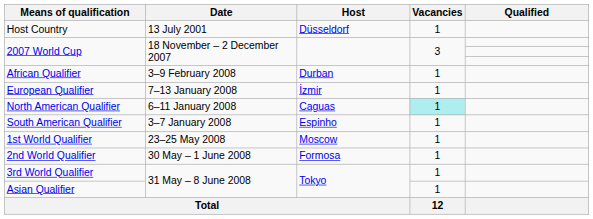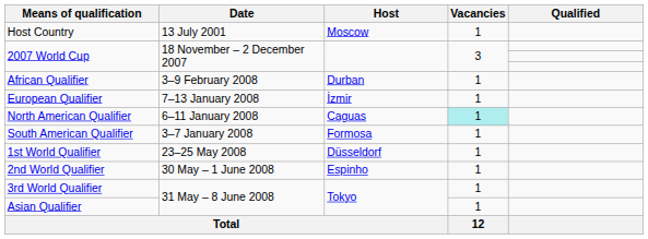 <table class="wikitable" width=900>
 <tr>
 <th width=25%>Means of qualification</th>
 <th width=27%>Date</th>
 <th width=20%>Host</th>
 <th width=6%>Vacancies</th>
 <th width=22%>Qualified</th>
 </tr>
 <tr>
 <td>Host Country</td>
 <td>13 July 2001</td>
-<td> <a href='#'>Düsseldorf</a></td>
+<td> <a href='#'>Moscow</a></td>
 <td align="center">1</td>
 <td></td>
 </tr>
 <tr>
 <td rowspan="3"><a href='#'>2007 World Cup</a></td>
 <td rowspan="3">18 November – 2 December 2007</td>
 <td rowspan="3"></td>
 <td rowspan="3" align="center">3</td>
 <td></td>
 </tr>
 <tr>
 <td></td>
 </tr>
 <tr>
 <td></td>
 </tr>
 <tr>
 <td><a href='#'>African Qualifier</a></td>
 <td>3–9 February 2008</td>
 <td> <a href='#'>Durban</a></td>
 <td align="center">1</td>
 <td></td>
 </tr>
 <tr>
 <td><a href='#'>European Qualifier</a></td>
 <td>7–13 January 2008</td>
 <td> <a href='#'>İzmir</a></td>
 <td align="center">1</td>
 <td></td>
 </tr>
 <tr>
 <td><a href='#'>North American Qualifier</a></td>
 <td>6–11 January 2008</td>
 <td> <a href='#'>Caguas</a></td>
 <td align="center" style="background: paleturquoise;">1</td>
 <td></td>
 </tr>
 <tr>
 <td><a href='#'>South American Qualifier</a></td>
 <td>3–7 January 2008</td>
-<td> <a href='#'>Espinho</a></td>
+<td> <a href='#'>Formosa</a></td>
 <td align="center">1</td>
 <td></td>
 </tr>
 <tr>
 <td><a href='#'>1st World Qualifier</a></td>
 <td>23–25 May 2008</td>
-<td> <a href='#'>Moscow</a></td>
+<td> <a href='#'>Düsseldorf</a></td>
 <td align="center">1</td>
 <td></td>
 </tr>
 <tr>
 <td><a href='#'>2nd World Qualifier</a></td>
 <td>30 May – 1 June 2008</td>
-<td> <a href='#'>Formosa</a></td>
+<td> <a href='#'>Espinho</a></td>
 <td align="center">1</td>
 <td></td>
 </tr>
 <tr>
 <td><a href='#'>3rd World Qualifier</a></td>
 <td rowspan="2">31 May – 8 June 2008</td>
 <td rowspan="2"> <a href='#'>Tokyo</a></td>
 <td align="center">1</td>
 <td></td>
 </tr>
 <tr>
 <td><a href='#'>Asian Qualifier</a></td>
 <td align="center">1</td>
 <td></td>
 </tr>
 <tr>
 <th colspan="3">Total</th>
 <th>12</th>
 <th></th>
 </tr>
 </table>
